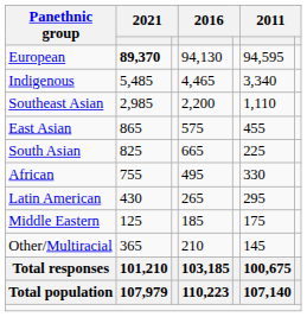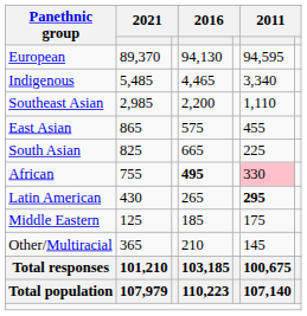 <table class="wikitable collapsible sortable">
 <tr>
 <th rowspan="2"><a href='#'>Panethnic</a><br>group</th>
 <th colspan="2">2021</th>
 <th colspan="2">2016</th>
 <th colspan="2">2011</th>
 </tr>
 <tr>
 <th><a href='#'></a></th>
 <th></th>
 <th></th>
 <th></th>
 <th></th>
 <th></th>
 </tr>
 <tr>
 <td><a href='#'>European</a></td>
-<td><strong>89,370</strong></td>
+<td>89,370</td>
 <td></td>
 <td>94,130</td>
 <td></td>
 <td>94,595</td>
 <td></td>
 </tr>
 <tr>
 <td><a href='#'>Indigenous</a></td>
 <td>5,485</td>
 <td></td>
 <td>4,465</td>
 <td></td>
 <td>3,340</td>
 <td></td>
 </tr>
 <tr>
 <td><a href='#'>Southeast Asian</a></td>
 <td>2,985</td>
 <td></td>
 <td>2,200</td>
 <td></td>
 <td>1,110</td>
 <td></td>
 </tr>
 <tr>
 <td><a href='#'>East Asian</a></td>
 <td>865</td>
 <td></td>
 <td>575</td>
 <td></td>
 <td>455</td>
 <td></td>
 </tr>
 <tr>
 <td><a href='#'>South Asian</a></td>
 <td>825</td>
 <td></td>
 <td>665</td>
 <td></td>
 <td>225</td>
 <td></td>
 </tr>
 <tr>
 <td><a href='#'>African</a></td>
 <td>755</td>
 <td></td>
-<td>495</td>
+<td><strong>495</strong></td>
 <td></td>
-<td>330</td>
+<td style="background: pink;">330</td>
 <td></td>
 </tr>
 <tr>
 <td><a href='#'>Latin American</a></td>
 <td>430</td>
 <td></td>
 <td>265</td>
 <td></td>
-<td>295</td>
+<td><strong>295</strong></td>
 <td></td>
 </tr>
 <tr>
 <td><a href='#'>Middle Eastern</a></td>
 <td>125</td>
 <td></td>
 <td>185</td>
 <td></td>
 <td>175</td>
 <td></td>
 </tr>
 <tr>
 <td>Other/<a href='#'>Multiracial</a></td>
 <td>365</td>
 <td></td>
 <td>210</td>
 <td></td>
 <td>145</td>
 <td></td>
 </tr>
 <tr>
 <th>Total responses</th>
 <th>101,210</th>
 <th></th>
 <th>103,185</th>
 <th></th>
 <th>100,675</th>
 <th></th>
 </tr>
 <tr>
 <th>Total population</th>
 <th>107,979</th>
 <th></th>
 <th>110,223</th>
 <th></th>
 <th>107,140</th>
 <th></th>
 </tr>
 <tr class="sortbottom">
 <td colspan="15"></td>
 </tr>
 </table>
